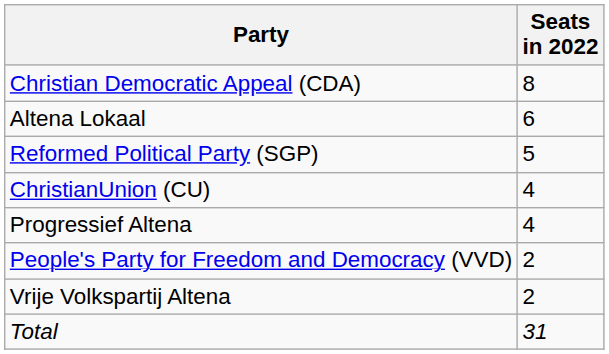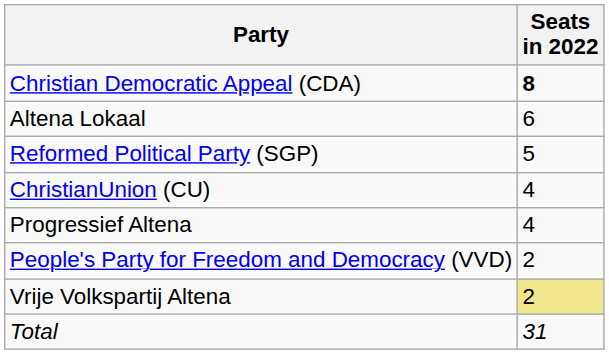 <table class="wikitable">
 <tr>
 <th>Party</th>
 <th>Seats <br> in 2022</th>
 </tr>
 <tr>
 <td><a href='#'>Christian Democratic Appeal</a> (CDA)</td>
-<td>8</td>
+<td><strong>8</strong></td>
 </tr>
 <tr>
 <td>Altena Lokaal</td>
 <td>6</td>
 </tr>
 <tr>
 <td><a href='#'>Reformed Political Party</a> (SGP)</td>
 <td>5</td>
 </tr>
 <tr>
 <td><a href='#'>ChristianUnion</a> (CU) </td>
 <td>4</td>
 </tr>
 <tr>
 <td>Progressief Altena</td>
 <td>4</td>
 </tr>
 <tr>
 <td><a href='#'>People's Party for Freedom and Democracy</a> (VVD)</td>
 <td>2</td>
 </tr>
 <tr>
 <td>Vrije Volkspartij Altena</td>
-<td>2</td>
+<td style="background: khaki;">2</td>
 </tr>
 <tr>
 <td><em>Total</em></td>
 <td><em>31</em></td>
 </tr>
 </table>
